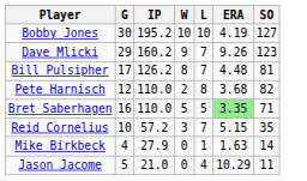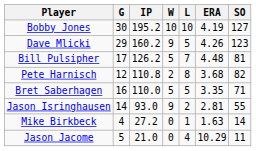 <table class="wikitable sortable">
 <tr>
 <th>Player</th>
 <th>G</th>
 <th>IP</th>
 <th>W</th>
 <th>L</th>
 <th>ERA</th>
 <th>SO</th>
 </tr>
 <tr align=center>
 <td><a href='#'>Bobby Jones</a></td>
 <td>30</td>
 <td>195.2</td>
 <td>10</td>
 <td>10</td>
 <td>4.19</td>
 <td>127</td>
 </tr>
 <tr align=center>
 <td><a href='#'>Dave Mlicki</a></td>
 <td>29</td>
 <td>160.2</td>
 <td>9</td>
-<td>7</td>
-<td>9.26</td>
+<td>5</td>
+<td>4.26</td>
 <td>123</td>
 </tr>
 <tr align=center>
 <td><a href='#'>Bill Pulsipher</a></td>
 <td>17</td>
 <td>126.2</td>
-<td>8</td>
+<td>5</td>
 <td>7</td>
 <td>4.48</td>
 <td>81</td>
 </tr>
 <tr align=center>
 <td><a href='#'>Pete Harnisch</a></td>
 <td>12</td>
-<td>110.0</td>
+<td>110.8</td>
 <td>2</td>
 <td>8</td>
 <td>3.68</td>
 <td>82</td>
 </tr>
 <tr align=center>
 <td><a href='#'>Bret Saberhagen</a></td>
 <td>16</td>
 <td>110.0</td>
 <td>5</td>
 <td>5</td>
-<td style="background: lightgreen;">3.35</td>
+<td>3.35</td>
 <td>71</td>
 </tr>
 <tr align=center>
-<td><a href='#'>Reid Cornelius</a></td>
-<td>10</td>
-<td>57.2</td>
-<td>3</td>
-<td>7</td>
-<td>5.15</td>
-<td>35</td>
+<td><a href='#'>Jason Isringhausen</a></td>
+<td>14</td>
+<td>93.0</td>
+<td>9</td>
+<td>2</td>
+<td>2.81</td>
+<td>55</td>
 </tr>
 <tr align=center>
 <td><a href='#'>Mike Birkbeck</a></td>
 <td>4</td>
-<td>27.9</td>
+<td>27.2</td>
 <td>0</td>
 <td>1</td>
 <td>1.63</td>
 <td>14</td>
 </tr>
 <tr align=center>
 <td><a href='#'>Jason Jacome</a></td>
 <td>5</td>
 <td>21.0</td>
 <td>0</td>
 <td>4</td>
 <td>10.29</td>
 <td>11</td>
 </tr>
 </table>
